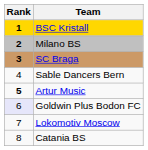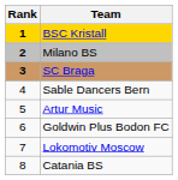 <table class="wikitable" style="text-align:center">
 <tr>
 <th>Rank</th>
 <th>Team</th>
 </tr>
 <tr bgcolor="gold">
 <td><strong>1</strong></td>
 <td align="left"> <a href='#'>BSC Kristall</a></td>
 </tr>
 <tr bgcolor="silver">
 <td><strong>2</strong></td>
 <td align="left"> Milano BS</td>
 </tr>
 <tr bgcolor="#CC9966">
 <td><strong>3</strong></td>
 <td align="left"> <a href='#'>SC Braga</a></td>
 </tr>
 <tr>
 <td>4</td>
 <td align="left"> Sable Dancers Bern</td>
 </tr>
 <tr>
-<td><strong>5</strong></td>
+<td>5</td>
 <td align="left"> <a href='#'>Artur Music</a></td>
 </tr>
 <tr>
-<td style="background: lavender;">6</td>
+<td>6</td>
 <td align="left"> Goldwin Plus Bodon FC</td>
 </tr>
 <tr>
 <td>7</td>
 <td align="left"> <a href='#'>Lokomotiv Moscow</a></td>
 </tr>
 <tr>
 <td>8</td>
 <td align="left"> Catania BS</td>
 </tr>
 </table>
